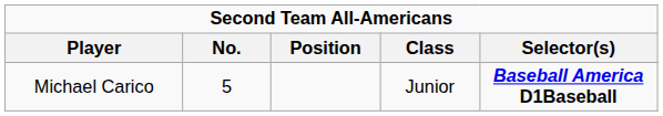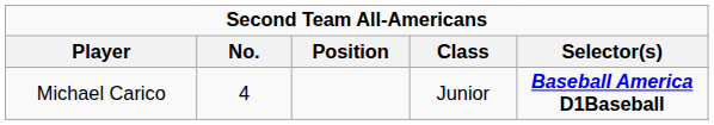 <table class="wikitable" style="text-align:center">
 <tr>
 <td colspan="5"><strong>Second Team All-Americans</strong></td>
 </tr>
 <tr>
 <th style="width:150px; ">Player</th>
 <th style="width:70px; ">No.</th>
 <th style="width:90px; ">Position</th>
 <th style="width:80px; ">Class</th>
 <th style="width:150px; ">Selector(s)</th>
 </tr>
 <tr>
 <td>Michael Carico</td>
-<td>5</td>
+<td>4</td>
 <td></td>
 <td>Junior</td>
 <td><strong><em><a href='#'>Baseball America</a></em><br>D1Baseball</strong></td>
 </tr>
 </table>
